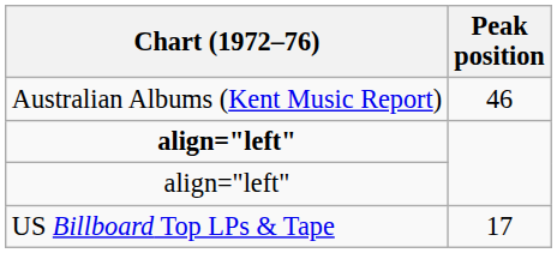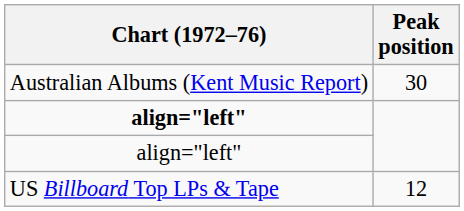 <table class="wikitable sortable plainrowheaders" style="text-align:center">
 <tr>
 <th scope="col">Chart (1972–76)</th>
 <th scope="col">Peak<br>position</th>
 </tr>
 <tr>
 <td align="left">Australian Albums (<a href='#'>Kent Music Report</a>)</td>
-<td align="center">46</td>
+<td align="center">30</td>
 </tr>
 <tr>
 <td><strong>align="left"</strong></td>
 </tr>
 <tr>
 <td>align="left"</td>
 </tr>
 <tr>
 <td align="left">US <a href='#'><em>Billboard</em> Top LPs & Tape</a></td>
-<td align="center">17</td>
+<td align="center">12</td>
 </tr>
 </table>
